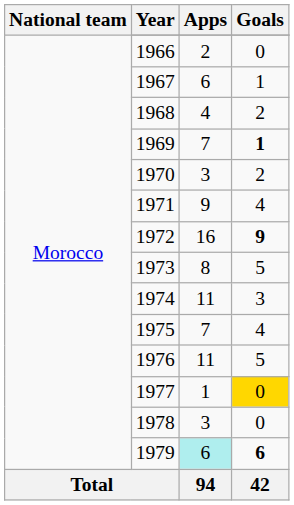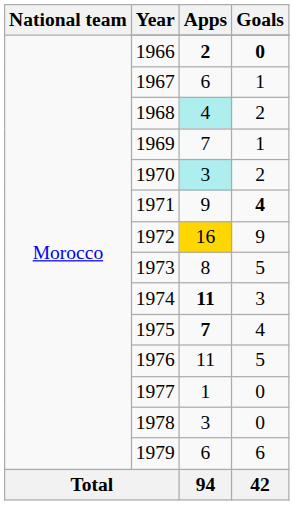 <table class="wikitable" style="text-align:center">
 <tr>
 <th>National team</th>
 <th>Year</th>
 <th>Apps</th>
 <th>Goals</th>
 </tr>
 <tr>
 <td rowspan="15"><a href='#'>Morocco</a></td>
 </tr>
 <tr>
 <td>1966</td>
-<td>2</td>
-<td>0</td>
+<td><strong>2</strong></td>
+<td><strong>0</strong></td>
 </tr>
 <tr>
 <td>1967</td>
 <td>6</td>
 <td>1</td>
 </tr>
 <tr>
 <td>1968</td>
-<td>4</td>
+<td style="background: paleturquoise;">4</td>
 <td>2</td>
 </tr>
 <tr>
 <td>1969</td>
 <td>7</td>
-<td><strong>1</strong></td>
+<td>1</td>
 </tr>
 <tr>
 <td>1970</td>
-<td>3</td>
+<td style="background: paleturquoise;">3</td>
 <td>2</td>
 </tr>
 <tr>
 <td>1971</td>
 <td>9</td>
-<td>4</td>
+<td><strong>4</strong></td>
 </tr>
 <tr>
 <td>1972</td>
-<td>16</td>
-<td><strong>9</strong></td>
+<td style="background: gold;">16</td>
+<td>9</td>
 </tr>
 <tr>
 <td>1973</td>
 <td>8</td>
 <td>5</td>
 </tr>
 <tr>
 <td>1974</td>
-<td>11</td>
+<td><strong>11</strong></td>
 <td>3</td>
 </tr>
 <tr>
 <td>1975</td>
-<td>7</td>
+<td><strong>7</strong></td>
 <td>4</td>
 </tr>
 <tr>
 <td>1976</td>
 <td>11</td>
 <td>5</td>
 </tr>
 <tr>
 <td>1977</td>
 <td>1</td>
-<td style="background: gold;">0</td>
+<td>0</td>
 </tr>
 <tr>
 <td>1978</td>
 <td>3</td>
 <td>0</td>
 </tr>
 <tr>
 <td>1979</td>
-<td style="background: paleturquoise;">6</td>
-<td><strong>6</strong></td>
+<td>6</td>
+<td>6</td>
 </tr>
 <tr>
 <th colspan="2">Total</th>
 <th>94</th>
 <th>42</th>
 </tr>
 </table>
